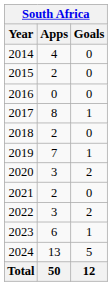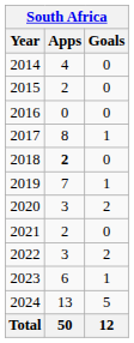 <table class="wikitable" style="text-align:center">
 <tr>
 <th colspan="3"><a href='#'>South Africa</a></th>
 </tr>
 <tr>
 <th>Year</th>
 <th>Apps</th>
 <th>Goals</th>
 </tr>
 <tr>
 <td>2014</td>
 <td>4</td>
 <td>0</td>
 </tr>
 <tr>
 <td>2015</td>
 <td>2</td>
 <td>0</td>
 </tr>
 <tr>
 <td>2016</td>
 <td>0</td>
 <td>0</td>
 </tr>
 <tr>
 <td>2017</td>
 <td>8</td>
 <td>1</td>
 </tr>
 <tr>
 <td>2018</td>
-<td>2</td>
+<td><strong>2</strong></td>
 <td>0</td>
 </tr>
 <tr>
 <td>2019</td>
 <td>7</td>
 <td>1</td>
 </tr>
 <tr>
 <td>2020</td>
 <td>3</td>
 <td>2</td>
 </tr>
 <tr>
 <td>2021</td>
 <td>2</td>
 <td>0</td>
 </tr>
 <tr>
 <td>2022</td>
 <td>3</td>
 <td>2</td>
 </tr>
 <tr>
 <td>2023</td>
 <td>6</td>
 <td>1</td>
 </tr>
 <tr>
 <td>2024</td>
 <td>13</td>
 <td>5</td>
 </tr>
 <tr>
 <th>Total</th>
 <th>50</th>
 <th>12</th>
 </tr>
 </table>
